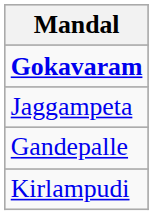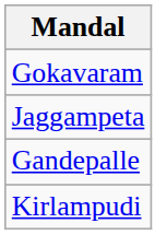 <table class="wikitable sortable static-row-numbers static-row-header-hash">
 <tr>
 <th>Mandal</th>
 </tr>
 <tr>
-<td><strong><a href='#'>Gokavaram</a></strong></td>
+<td><a href='#'>Gokavaram</a></td>
 </tr>
 <tr>
 <td><a href='#'>Jaggampeta</a></td>
 </tr>
 <tr>
 <td><a href='#'>Gandepalle</a></td>
 </tr>
 <tr>
 <td><a href='#'>Kirlampudi</a></td>
 </tr>
 </table>
